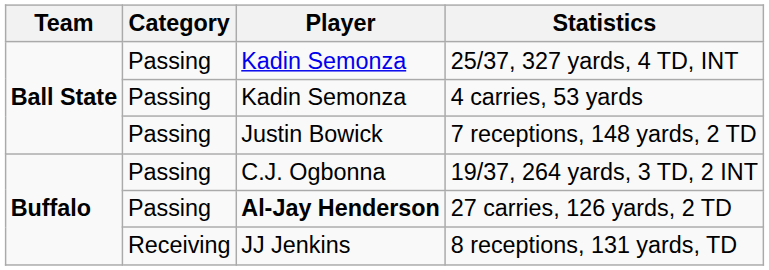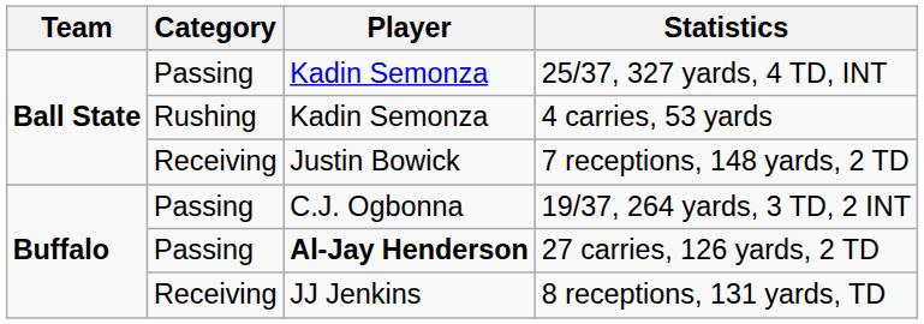 <table class="wikitable" style="float: right;">
 <tr>
 <th>Team</th>
 <th>Category</th>
 <th>Player</th>
 <th>Statistics</th>
 </tr>
 <tr>
 <td rowspan=3><strong>Ball State</strong></td>
 <td>Passing</td>
 <td><a href='#'>Kadin Semonza</a></td>
 <td>25/37, 327 yards, 4 TD, INT</td>
 </tr>
 <tr>
-<td>Passing</td>
+<td>Rushing</td>
 <td>Kadin Semonza</td>
 <td>4 carries, 53 yards</td>
 </tr>
 <tr>
-<td>Passing</td>
+<td>Receiving</td>
 <td>Justin Bowick</td>
 <td>7 receptions, 148 yards, 2 TD</td>
 </tr>
 <tr>
 <td rowspan=3><strong>Buffalo</strong></td>
 <td>Passing</td>
 <td>C.J. Ogbonna</td>
 <td>19/37, 264 yards, 3 TD, 2 INT</td>
 </tr>
 <tr>
 <td>Passing</td>
 <td><strong>Al-Jay Henderson</strong></td>
 <td>27 carries, 126 yards, 2 TD</td>
 </tr>
 <tr>
 <td>Receiving</td>
 <td>JJ Jenkins</td>
 <td>8 receptions, 131 yards, TD</td>
 </tr>
 </table>
